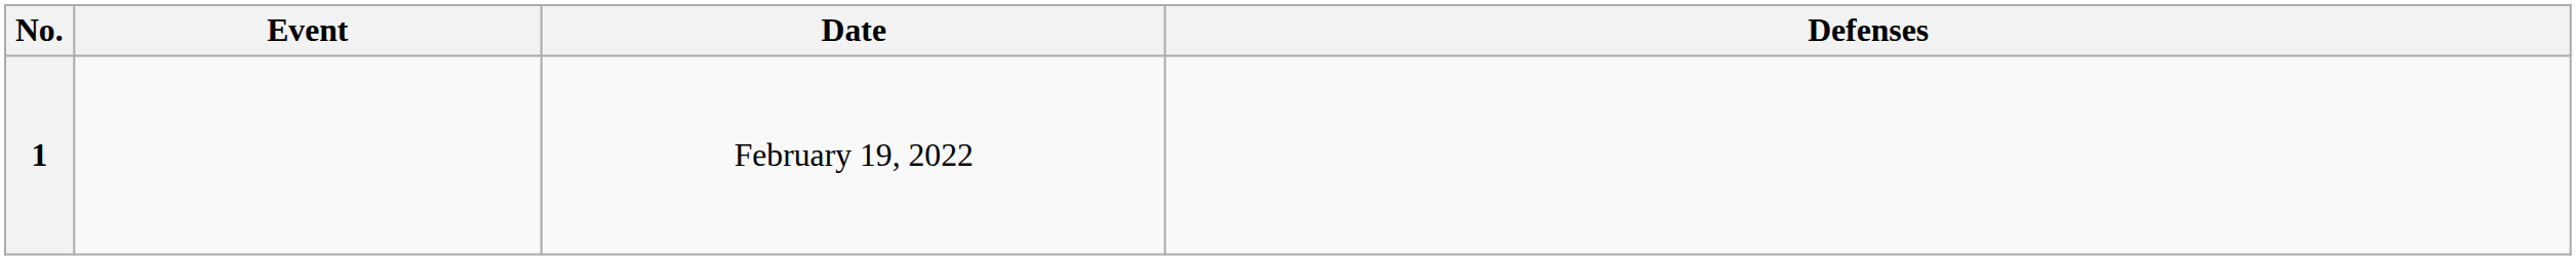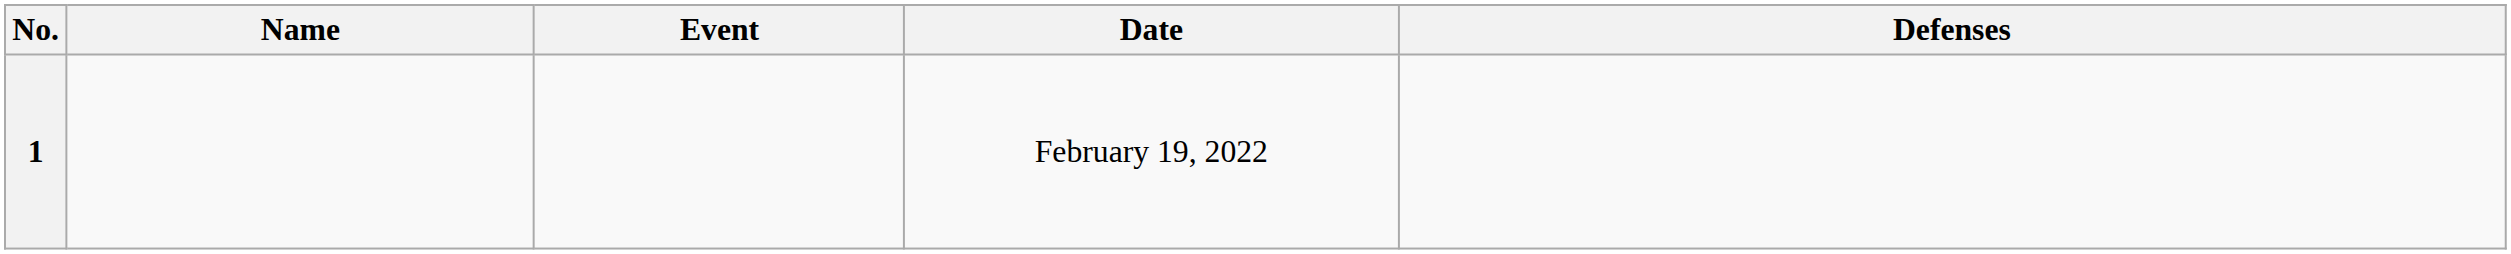 <table class="wikitable" width=100%>
 <tr>
 <th width=1%>No.</th>
+<th width=19%>Name</th>
 <th width=15%>Event</th>
 <th width=20%>Date</th>
 <th width=45%>Defenses</th>
 </tr>
 <tr>
 <th>1</th>
+<td align=left> <br> </td>
 <td align=center><br></td>
 <td align=center>February 19, 2022</td>
 <td><br><br> <br> <br> <br> </td>
 </tr>
 </table>
